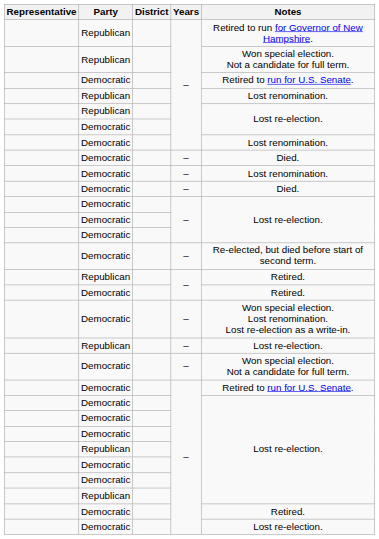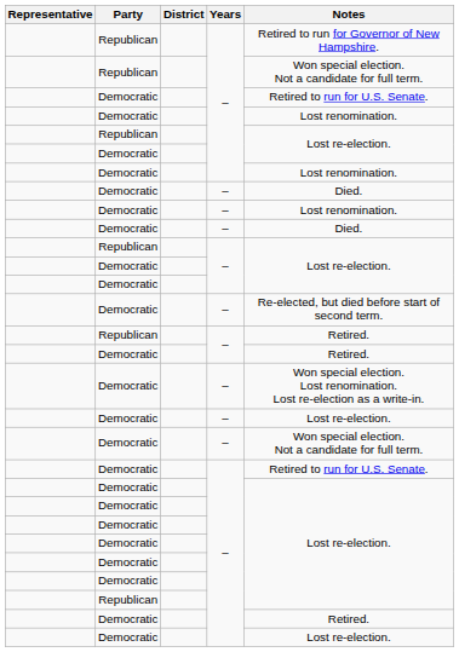 <table class="wikitable sortable" style="text-align:center">
 <tr valign=bottom>
 <th>Representative</th>
 <th>Party</th>
 <th>District</th>
 <th>Years</th>
 <th>Notes</th>
 </tr>
 <tr>
 <td align=left></td>
 <td>Republican</td>
 <td></td>
 <td rowspan="7" nowrap=""> –<br></td>
 <td>Retired to run <a href='#'>for Governor of New Hampshire</a>.</td>
 </tr>
 <tr>
 <td align=left></td>
 <td>Republican</td>
 <td></td>
 <td>Won special election.<br>Not a candidate for full term.</td>
 </tr>
 <tr>
 <td align=left></td>
 <td>Democratic</td>
 <td></td>
 <td>Retired to <a href='#'>run for U.S. Senate</a>.</td>
 </tr>
 <tr>
 <td align=left></td>
-<td>Republican</td>
+<td>Democratic</td>
 <td></td>
 <td>Lost renomination.</td>
 </tr>
 <tr>
 <td align=left></td>
 <td>Republican</td>
 <td></td>
 <td rowspan="2">Lost re-election.</td>
 </tr>
 <tr>
 <td align=left></td>
 <td>Democratic</td>
 <td></td>
 </tr>
 <tr>
 <td align=left></td>
 <td>Democratic</td>
 <td></td>
 <td>Lost renomination.</td>
 </tr>
 <tr>
 <td align=left></td>
 <td>Democratic</td>
 <td></td>
 <td nowrap> –<br></td>
 <td>Died.</td>
 </tr>
 <tr>
 <td align=left></td>
 <td>Democratic</td>
 <td></td>
 <td nowrap> –<br></td>
 <td>Lost renomination.</td>
 </tr>
 <tr>
 <td align=left></td>
 <td>Democratic</td>
 <td></td>
 <td nowrap> –<br></td>
 <td>Died.</td>
 </tr>
 <tr>
 <td align=left></td>
-<td>Democratic</td>
+<td>Republican</td>
 <td></td>
 <td rowspan="3" nowrap=""> –<br></td>
 <td rowspan="3">Lost re-election.</td>
 </tr>
 <tr>
 <td align=left></td>
 <td>Democratic</td>
 <td></td>
 </tr>
 <tr>
 <td align=left></td>
 <td>Democratic</td>
 <td></td>
 </tr>
 <tr>
 <td align=left></td>
 <td>Democratic</td>
 <td></td>
 <td nowrap> –<br></td>
 <td>Re-elected, but died before start of second term.</td>
 </tr>
 <tr>
 <td align=left></td>
 <td>Republican</td>
 <td></td>
 <td rowspan="2" nowrap=""> –<br></td>
 <td>Retired.</td>
 </tr>
 <tr>
 <td align=left></td>
 <td>Democratic</td>
 <td></td>
 <td>Retired.</td>
 </tr>
 <tr>
 <td align=left></td>
 <td>Democratic</td>
 <td></td>
 <td nowrap> –<br></td>
 <td>Won special election.<br>Lost renomination.<br>Lost re-election as a write-in.</td>
 </tr>
 <tr>
 <td align=left></td>
-<td>Republican</td>
+<td>Democratic</td>
 <td></td>
 <td nowrap> –<br></td>
 <td>Lost re-election.</td>
 </tr>
 <tr>
 <td align=left></td>
 <td>Democratic</td>
 <td></td>
 <td nowrap> –<br></td>
 <td>Won special election.<br>Not a candidate for full term.</td>
 </tr>
 <tr>
 <td align=left></td>
 <td>Democratic</td>
 <td></td>
 <td rowspan="10" nowrap=""> –<br></td>
 <td>Retired to <a href='#'>run for U.S. Senate</a>.</td>
 </tr>
 <tr>
 <td align=left></td>
 <td>Democratic</td>
 <td></td>
 <td rowspan="7">Lost re-election.</td>
 </tr>
 <tr>
 <td align=left></td>
 <td>Democratic</td>
 <td></td>
 </tr>
 <tr>
 <td align=left></td>
 <td>Democratic</td>
 <td></td>
 </tr>
 <tr>
 <td align=left></td>
-<td>Republican</td>
+<td>Democratic</td>
 <td></td>
 </tr>
 <tr>
 <td align=left></td>
 <td>Democratic</td>
 <td></td>
 </tr>
 <tr>
 <td align=left></td>
 <td>Democratic</td>
 <td></td>
 </tr>
 <tr>
 <td align=left></td>
 <td>Republican</td>
 <td></td>
 </tr>
 <tr>
 <td align=left></td>
 <td>Democratic</td>
 <td></td>
 <td>Retired.</td>
 </tr>
 <tr>
 <td align=left></td>
 <td>Democratic</td>
 <td></td>
 <td>Lost re-election.</td>
 </tr>
 </table>
